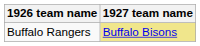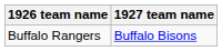 <table class="wikitable">
 <tr>
 <th>1926 team name</th>
 <th>1927 team name</th>
 </tr>
 <tr>
 <td>Buffalo Rangers</td>
-<td style="background: khaki;"><a href='#'>Buffalo Bisons</a></td>
+<td><a href='#'>Buffalo Bisons</a></td>
 </tr>
 </table>
